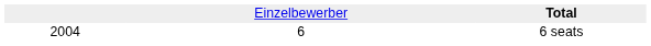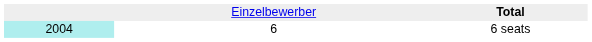 <table border="0" cellpadding="2" cellspacing="0" width="60%">
 <tr bgcolor="#eeeeee" align="center">
 <td></td>
 <td><a href='#'>Einzelbewerber</a></td>
 <td><strong>Total</strong></td>
 </tr>
 <tr align="center">
-<td>2004</td>
+<td style="background: paleturquoise;">2004</td>
 <td>6</td>
 <td>6 seats</td>
 </tr>
 </table>
